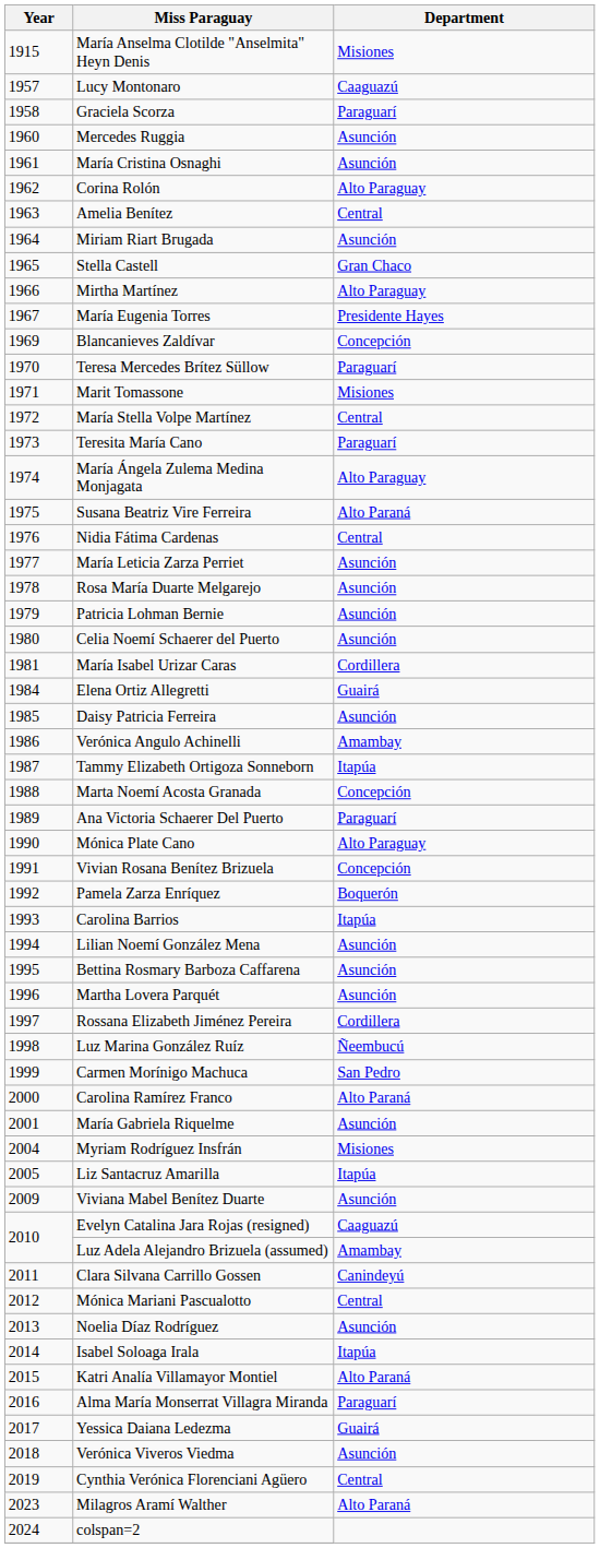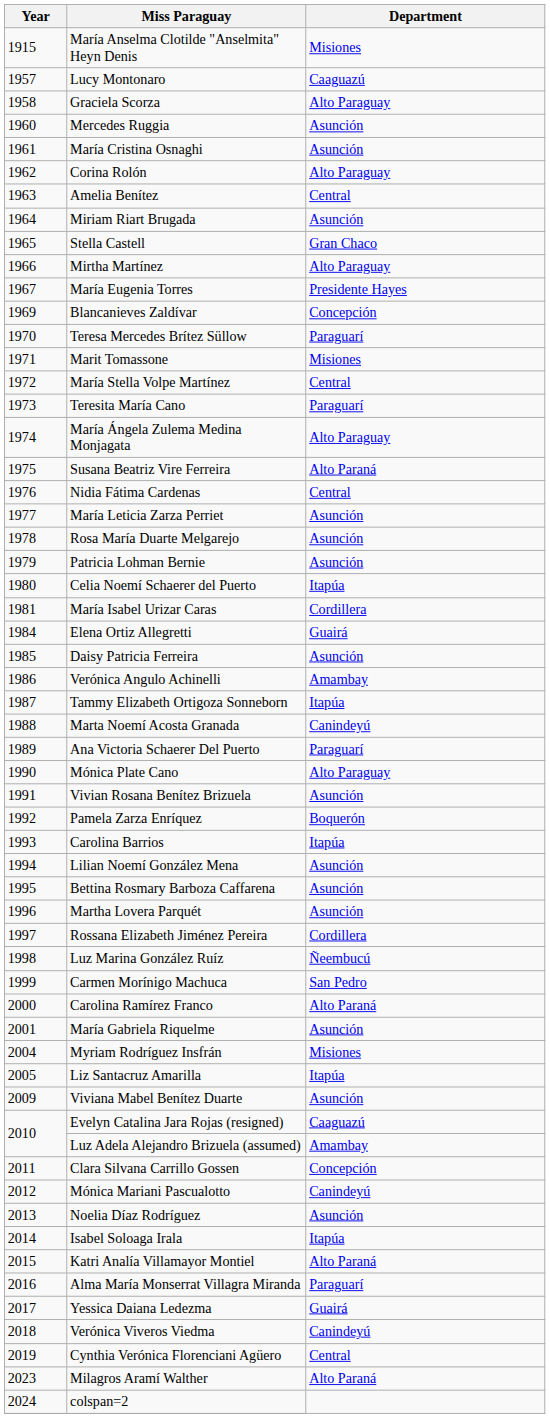 <table class="wikitable sortable" style="font-size: 95%;">
 <tr>
 <th width="60">Year</th>
 <th width="250">Miss Paraguay</th>
 <th width="250">Department</th>
 </tr>
 <tr>
 <td>1915</td>
 <td>María Anselma Clotilde "Anselmita" Heyn Denis</td>
 <td><a href='#'>Misiones</a></td>
 </tr>
 <tr>
 <td>1957</td>
 <td>Lucy Montonaro</td>
 <td><a href='#'>Caaguazú</a></td>
 </tr>
 <tr>
 <td>1958</td>
 <td>Graciela Scorza</td>
-<td><a href='#'>Paraguarí</a></td>
+<td><a href='#'>Alto Paraguay</a></td>
 </tr>
 <tr>
 <td>1960</td>
 <td>Mercedes Ruggia</td>
 <td><a href='#'>Asunción</a></td>
 </tr>
 <tr>
 <td>1961</td>
 <td>María Cristina Osnaghi</td>
 <td><a href='#'>Asunción</a></td>
 </tr>
 <tr>
 <td>1962</td>
 <td>Corina Rolón</td>
 <td><a href='#'>Alto Paraguay</a></td>
 </tr>
 <tr>
 <td>1963</td>
 <td>Amelia Benítez</td>
 <td><a href='#'>Central</a></td>
 </tr>
 <tr>
 <td>1964</td>
 <td>Miriam Riart Brugada</td>
 <td><a href='#'>Asunción</a></td>
 </tr>
 <tr>
 <td>1965</td>
 <td>Stella Castell</td>
 <td><a href='#'>Gran Chaco</a></td>
 </tr>
 <tr>
 <td>1966</td>
 <td>Mirtha Martínez</td>
 <td><a href='#'>Alto Paraguay</a></td>
 </tr>
 <tr>
 <td>1967</td>
 <td>María Eugenia Torres</td>
 <td><a href='#'>Presidente Hayes</a></td>
 </tr>
 <tr>
 <td>1969</td>
 <td>Blancanieves Zaldívar</td>
 <td><a href='#'>Concepción</a></td>
 </tr>
 <tr>
 <td>1970</td>
 <td>Teresa Mercedes Brítez Süllow</td>
 <td><a href='#'>Paraguarí</a></td>
 </tr>
 <tr>
 <td>1971</td>
 <td>Marit Tomassone</td>
 <td><a href='#'>Misiones</a></td>
 </tr>
 <tr>
 <td>1972</td>
 <td>María Stella Volpe Martínez</td>
 <td><a href='#'>Central</a></td>
 </tr>
 <tr>
 <td>1973</td>
 <td>Teresita María Cano</td>
 <td><a href='#'>Paraguarí</a></td>
 </tr>
 <tr>
 <td>1974</td>
 <td>María Ángela Zulema Medina Monjagata</td>
 <td><a href='#'>Alto Paraguay</a></td>
 </tr>
 <tr>
 <td>1975</td>
 <td>Susana Beatriz Vire Ferreira</td>
 <td><a href='#'>Alto Paraná</a></td>
 </tr>
 <tr>
 <td>1976</td>
 <td>Nidia Fátima Cardenas</td>
 <td><a href='#'>Central</a></td>
 </tr>
 <tr>
 <td>1977</td>
 <td>María Leticia Zarza Perriet</td>
 <td><a href='#'>Asunción</a></td>
 </tr>
 <tr>
 <td>1978</td>
 <td>Rosa María Duarte Melgarejo</td>
 <td><a href='#'>Asunción</a></td>
 </tr>
 <tr>
 <td>1979</td>
 <td>Patricia Lohman Bernie</td>
 <td><a href='#'>Asunción</a></td>
 </tr>
 <tr>
 <td>1980</td>
 <td>Celia Noemí Schaerer del Puerto</td>
-<td><a href='#'>Asunción</a></td>
+<td><a href='#'>Itapúa</a></td>
 </tr>
 <tr>
 <td>1981</td>
 <td>María Isabel Urizar Caras</td>
 <td><a href='#'>Cordillera</a></td>
 </tr>
 <tr>
 <td>1984</td>
 <td>Elena Ortiz Allegretti</td>
 <td><a href='#'>Guairá</a></td>
 </tr>
 <tr>
 <td>1985</td>
 <td>Daisy Patricia Ferreira</td>
 <td><a href='#'>Asunción</a></td>
 </tr>
 <tr>
 <td>1986</td>
 <td>Verónica Angulo Achinelli</td>
 <td><a href='#'>Amambay</a></td>
 </tr>
 <tr>
 <td>1987</td>
 <td>Tammy Elizabeth Ortigoza Sonneborn</td>
 <td><a href='#'>Itapúa</a></td>
 </tr>
 <tr>
 <td>1988</td>
 <td>Marta Noemí Acosta Granada</td>
-<td><a href='#'>Concepción</a></td>
+<td><a href='#'>Canindeyú</a></td>
 </tr>
 <tr>
 <td>1989</td>
 <td>Ana Victoria Schaerer Del Puerto</td>
 <td><a href='#'>Paraguarí</a></td>
 </tr>
 <tr>
 <td>1990</td>
 <td>Mónica Plate Cano</td>
 <td><a href='#'>Alto Paraguay</a></td>
 </tr>
 <tr>
 <td>1991</td>
 <td>Vivian Rosana Benítez Brizuela</td>
-<td><a href='#'>Concepción</a></td>
+<td><a href='#'>Asunción</a></td>
 </tr>
 <tr>
 <td>1992</td>
 <td>Pamela Zarza Enríquez</td>
 <td><a href='#'>Boquerón</a></td>
 </tr>
 <tr>
 <td>1993</td>
 <td>Carolina Barrios</td>
 <td><a href='#'>Itapúa</a></td>
 </tr>
 <tr>
 <td>1994</td>
 <td>Lilian Noemí González Mena</td>
 <td><a href='#'>Asunción</a></td>
 </tr>
 <tr>
 <td>1995</td>
 <td>Bettina Rosmary Barboza Caffarena</td>
 <td><a href='#'>Asunción</a></td>
 </tr>
 <tr>
 <td>1996</td>
 <td>Martha Lovera Parquét</td>
 <td><a href='#'>Asunción</a></td>
 </tr>
 <tr>
 <td>1997</td>
 <td>Rossana Elizabeth Jiménez Pereira</td>
 <td><a href='#'>Cordillera</a></td>
 </tr>
 <tr>
 <td>1998</td>
 <td>Luz Marina González Ruíz</td>
 <td><a href='#'>Ñeembucú</a></td>
 </tr>
 <tr>
 <td>1999</td>
 <td>Carmen Morínigo Machuca</td>
 <td><a href='#'>San Pedro</a></td>
 </tr>
 <tr>
 <td>2000</td>
 <td>Carolina Ramírez Franco</td>
 <td><a href='#'>Alto Paraná</a></td>
 </tr>
 <tr>
 <td>2001</td>
 <td>María Gabriela Riquelme</td>
 <td><a href='#'>Asunción</a></td>
 </tr>
 <tr>
 <td>2004</td>
 <td>Myriam Rodríguez Insfrán</td>
 <td><a href='#'>Misiones</a></td>
 </tr>
 <tr>
 <td>2005</td>
 <td>Liz Santacruz Amarilla</td>
 <td><a href='#'>Itapúa</a></td>
 </tr>
 <tr>
 <td>2009</td>
 <td>Viviana Mabel Benítez Duarte</td>
 <td><a href='#'>Asunción</a></td>
 </tr>
 <tr>
 <td rowspan="2">2010</td>
 <td>Evelyn Catalina Jara Rojas (resigned)</td>
 <td><a href='#'>Caaguazú</a></td>
 </tr>
 <tr>
 <td>Luz Adela Alejandro Brizuela (assumed)</td>
 <td><a href='#'>Amambay</a></td>
 </tr>
 <tr>
 <td>2011</td>
 <td>Clara Silvana Carrillo Gossen</td>
-<td><a href='#'>Canindeyú</a></td>
+<td><a href='#'>Concepción</a></td>
 </tr>
 <tr>
 <td>2012</td>
 <td>Mónica Mariani Pascualotto</td>
-<td><a href='#'>Central</a></td>
+<td><a href='#'>Canindeyú</a></td>
 </tr>
 <tr>
 <td>2013</td>
 <td>Noelia Díaz Rodríguez</td>
 <td><a href='#'>Asunción</a></td>
 </tr>
 <tr>
 <td>2014</td>
 <td>Isabel Soloaga Irala</td>
 <td><a href='#'>Itapúa</a></td>
 </tr>
 <tr>
 <td>2015</td>
 <td>Katri Analía Villamayor Montiel</td>
 <td><a href='#'>Alto Paraná</a></td>
 </tr>
 <tr>
 <td>2016</td>
 <td>Alma María Monserrat Villagra Miranda</td>
 <td><a href='#'>Paraguarí</a></td>
 </tr>
 <tr>
 <td>2017</td>
 <td>Yessica Daiana Ledezma</td>
 <td><a href='#'>Guairá</a></td>
 </tr>
 <tr>
 <td>2018</td>
 <td>Verónica Viveros Viedma</td>
-<td><a href='#'>Asunción</a></td>
+<td><a href='#'>Canindeyú</a></td>
 </tr>
 <tr>
 <td>2019</td>
 <td>Cynthia Verónica Florenciani Agüero</td>
 <td><a href='#'>Central</a></td>
 </tr>
 <tr>
 <td>2023</td>
 <td>Milagros Aramí Walther</td>
 <td><a href='#'>Alto Paraná</a></td>
 </tr>
 <tr>
 <td>2024</td>
 <td>colspan=2 </td>
 </tr>
 <tr>
 </tr>
 </table>
